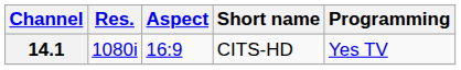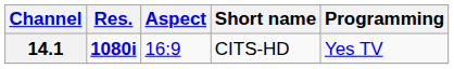 <table class="wikitable">
 <tr>
 <th><a href='#'>Channel</a></th>
 <th><a href='#'>Res.</a></th>
 <th><a href='#'>Aspect</a></th>
 <th>Short name</th>
 <th>Programming</th>
 </tr>
 <tr>
 <th scope = "row">14.1</th>
-<td><a href='#'>1080i</a></td>
+<td><strong><a href='#'>1080i</a></strong></td>
 <td><a href='#'>16:9</a></td>
 <td>CITS-HD</td>
 <td><a href='#'>Yes TV</a></td>
 </tr>
 <tr>
 </tr>
 </table>
